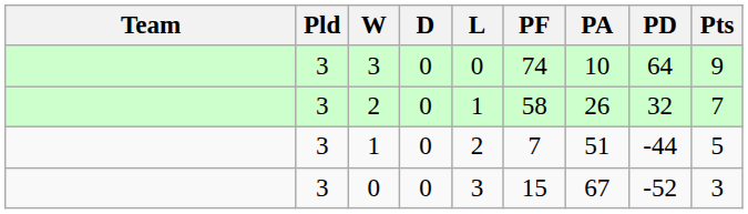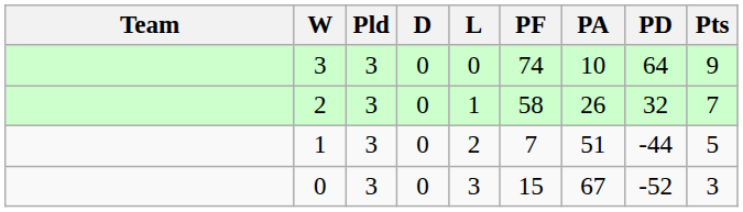 <table class="wikitable" style="text-align:center;">
 <tr>
 <th width=175>Team</th>
+<th width=25 abbr="Won">W</th>
 <th width=25 abbr="Played">Pld</th>
-<th width=25 abbr="Won">W</th>
 <th width=25 abbr="Drawn">D</th>
 <th width=25 abbr="Lost">L</th>
 <th width=32 abbr="Points for">PF</th>
 <th width=32 abbr="Points against">PA</th>
 <th width=32 abbr="Points difference">PD</th>
 <th width=25 abbr="Points">Pts</th>
 </tr>
 <tr bgcolor="#ccffcc">
 <td align=left></td>
 <td>3</td>
 <td>3</td>
 <td>0</td>
 <td>0</td>
 <td>74</td>
 <td>10</td>
 <td>64</td>
 <td>9</td>
 </tr>
 <tr bgcolor="#ccffcc">
 <td align=left></td>
+<td>2</td>
 <td>3</td>
-<td>2</td>
 <td>0</td>
 <td>1</td>
 <td>58</td>
 <td>26</td>
 <td>32</td>
 <td>7</td>
 </tr>
 <tr>
 <td align=left></td>
+<td>1</td>
 <td>3</td>
-<td>1</td>
 <td>0</td>
 <td>2</td>
 <td>7</td>
 <td>51</td>
 <td>-44</td>
 <td>5</td>
 </tr>
 <tr>
 <td align=left></td>
+<td>0</td>
 <td>3</td>
-<td>0</td>
 <td>0</td>
 <td>3</td>
 <td>15</td>
 <td>67</td>
 <td>-52</td>
 <td>3</td>
 </tr>
 </table>
